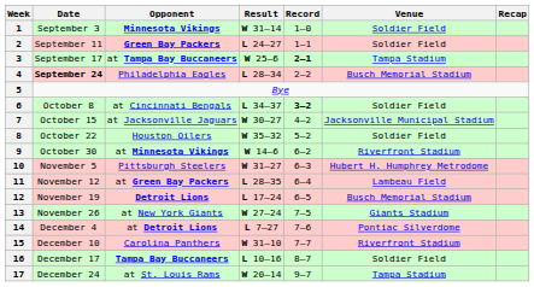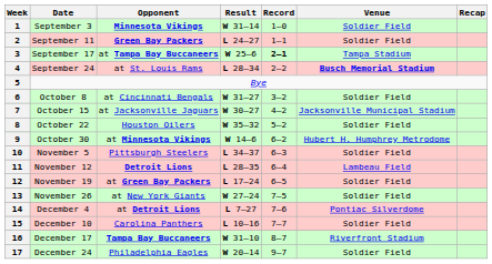 <table class="wikitable" style="text-align:center">
 <tr>
 <th>Week</th>
 <th>Date</th>
 <th>Opponent</th>
 <th>Result</th>
 <th>Record</th>
 <th>Venue</th>
 <th>Recap</th>
 </tr>
 <tr style="background: #cfc;" align="center">
 <th>1</th>
 <td>September 3</td>
 <td><strong><a href='#'>Minnesota Vikings</a></strong></td>
 <td><strong>W</strong> 31–14</td>
 <td>1–0</td>
 <td><a href='#'>Soldier Field</a></td>
 <td></td>
 </tr>
 <tr style="background: #fcc;" align="center">
 <th>2</th>
 <td>September 11</td>
 <td><strong><a href='#'>Green Bay Packers</a></strong></td>
 <td><strong>L</strong> 24–27</td>
 <td>1–1</td>
 <td>Soldier Field</td>
 <td></td>
 </tr>
 <tr style="background: #cfc;" align="center">
 <th>3</th>
 <td>September 17</td>
 <td>at <strong><a href='#'>Tampa Bay Buccaneers</a></strong></td>
 <td><strong>W</strong> 25–6</td>
 <td><strong>2–1</strong></td>
 <td><a href='#'>Tampa Stadium</a></td>
 <td></td>
 </tr>
 <tr style="background: #fcc;" align="center">
 <th>4</th>
-<td><strong>September 24</strong></td>
-<td><a href='#'>Philadelphia Eagles</a></td>
+<td>September 24</td>
+<td>at <a href='#'>St. Louis Rams</a></td>
 <td><strong>L</strong> 28–34</td>
 <td>2–2</td>
-<td><a href='#'>Busch Memorial Stadium</a></td>
+<td><strong><a href='#'>Busch Memorial Stadium</a></strong></td>
 <td></td>
 </tr>
 <tr align="center">
 <th>5</th>
 <td colspan="6" align="center"><a href='#'><em>Bye</em></a></td>
 </tr>
 <tr style="background: #cfc;" align="center">
 <th>6</th>
 <td>October 8</td>
 <td>at <a href='#'>Cincinnati Bengals</a></td>
-<td><strong>L</strong> 34–37 </td>
-<td><strong>3–2</strong></td>
+<td><strong>W</strong> 31–27</td>
+<td>3–2</td>
 <td>Soldier Field</td>
 <td></td>
 </tr>
 <tr style="background: #cfc;" align="center">
 <th>7</th>
 <td>October 15</td>
 <td>at <a href='#'>Jacksonville Jaguars</a></td>
 <td><strong>W</strong> 30–27</td>
 <td>4–2</td>
 <td><a href='#'>Jacksonville Municipal Stadium</a></td>
 <td></td>
 </tr>
 <tr style="background: #cfc;" align="center">
 <th>8</th>
 <td>October 22</td>
 <td><a href='#'>Houston Oilers</a></td>
 <td><strong>W</strong> 35–32</td>
 <td>5–2</td>
 <td>Soldier Field</td>
 <td></td>
 </tr>
 <tr style="background: #cfc;" align="center">
 <th>9</th>
 <td>October 30</td>
 <td>at <strong><a href='#'>Minnesota Vikings</a></strong></td>
 <td><strong>W</strong> 14–6</td>
 <td>6–2</td>
-<td><a href='#'>Riverfront Stadium</a></td>
+<td><a href='#'>Hubert H. Humphrey Metrodome</a></td>
 <td></td>
 </tr>
 <tr style="background: #fcc;" align="center">
 <th>10</th>
 <td>November 5</td>
 <td><a href='#'>Pittsburgh Steelers</a></td>
-<td><strong>W</strong> 31–27</td>
+<td><strong>L</strong> 34–37 </td>
 <td>6–3</td>
-<td><a href='#'>Hubert H. Humphrey Metrodome</a></td>
+<td>Soldier Field</td>
 <td></td>
 </tr>
 <tr style="background: #fcc;" align="center">
 <th>11</th>
 <td>November 12</td>
-<td>at <strong><a href='#'>Green Bay Packers</a></strong></td>
+<td><strong><a href='#'>Detroit Lions</a></strong></td>
 <td><strong>L</strong> 28–35</td>
 <td>6–4</td>
 <td><a href='#'>Lambeau Field</a></td>
 <td></td>
 </tr>
 <tr style="background: #fcc;" align="center">
 <th>12</th>
 <td>November 19</td>
-<td><strong><a href='#'>Detroit Lions</a></strong></td>
+<td>at <strong><a href='#'>Green Bay Packers</a></strong></td>
 <td><strong>L</strong> 17–24</td>
 <td>6–5</td>
-<td><a href='#'>Busch Memorial Stadium</a></td>
+<td>Soldier Field</td>
 <td></td>
 </tr>
 <tr style="background: #cfc;" align="center">
 <th>13</th>
 <td>November 26</td>
 <td>at <a href='#'>New York Giants</a></td>
 <td><strong>W</strong> 27–24</td>
 <td>7–5</td>
-<td><a href='#'>Giants Stadium</a></td>
+<td>Soldier Field</td>
 <td></td>
 </tr>
 <tr style="background: #fcc;" align="center">
 <th>14</th>
 <td>December 4</td>
 <td>at <strong><a href='#'>Detroit Lions</a></strong></td>
 <td><strong>L</strong> 7–27</td>
 <td>7–6</td>
 <td><a href='#'>Pontiac Silverdome</a></td>
 <td></td>
 </tr>
 <tr style="background: #fcc;" align="center">
 <th>15</th>
 <td>December 10</td>
 <td><a href='#'>Carolina Panthers</a></td>
-<td><strong>W</strong> 31–10</td>
+<td><strong>L</strong> 10–16</td>
 <td>7–7</td>
-<td><a href='#'>Riverfront Stadium</a></td>
+<td>Soldier Field</td>
 <td></td>
 </tr>
 <tr style="background: #cfc;" align="center">
 <th>16</th>
 <td>December 17</td>
 <td><strong><a href='#'>Tampa Bay Buccaneers</a></strong></td>
-<td><strong>L</strong> 10–16</td>
+<td><strong>W</strong> 31–10</td>
 <td>8–7</td>
-<td>Soldier Field</td>
+<td><a href='#'>Riverfront Stadium</a></td>
 <td></td>
 </tr>
 <tr style="background: #cfc;" align="center">
 <th>17</th>
 <td>December 24</td>
-<td>at <a href='#'>St. Louis Rams</a></td>
+<td><a href='#'>Philadelphia Eagles</a></td>
 <td><strong>W</strong> 20–14</td>
 <td>9–7</td>
-<td><a href='#'>Tampa Stadium</a></td>
+<td>Soldier Field</td>
 <td></td>
 </tr>
 </table>
